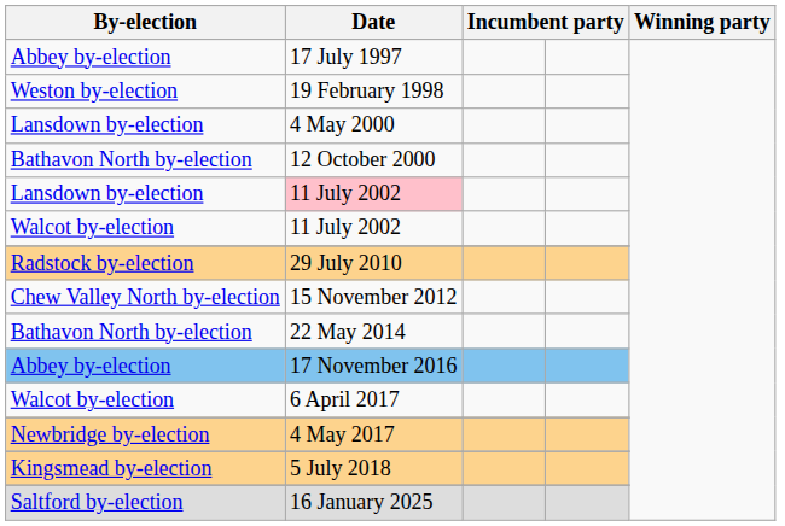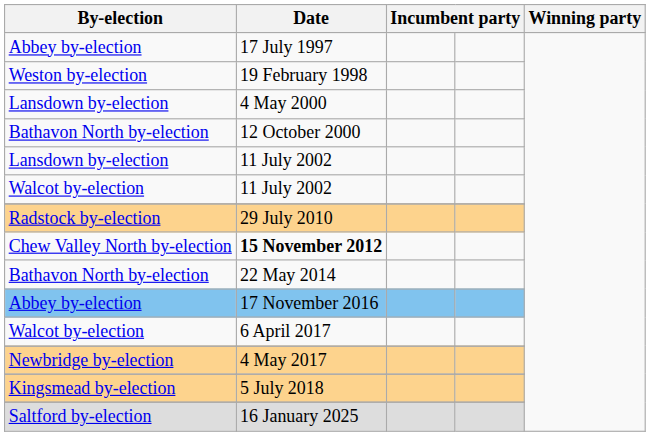 <table class="wikitable">
 <tr>
 <th>By-election</th>
 <th>Date</th>
 <th colspan=2>Incumbent party</th>
 <th colspan=2>Winning party</th>
 </tr>
 <tr>
 <td><a href='#'>Abbey by-election</a></td>
 <td>17 July 1997</td>
 <td></td>
 <td></td>
 </tr>
 <tr>
 <td><a href='#'>Weston by-election</a></td>
 <td>19 February 1998</td>
 <td></td>
 <td></td>
 </tr>
 <tr>
 <td><a href='#'>Lansdown by-election</a></td>
 <td>4 May 2000</td>
 <td></td>
 <td></td>
 </tr>
 <tr>
 <td><a href='#'>Bathavon North by-election</a></td>
 <td>12 October 2000</td>
 <td></td>
 <td></td>
 </tr>
 <tr>
 <td><a href='#'>Lansdown by-election</a></td>
-<td style="background: pink;">11 July 2002</td>
+<td>11 July 2002</td>
 <td></td>
 <td></td>
 </tr>
 <tr>
 <td><a href='#'>Walcot by-election</a></td>
 <td>11 July 2002</td>
 <td></td>
 <td></td>
 </tr>
 <tr>
 </tr>
 <tr bgcolor=#FDD38D>
 <td><a href='#'>Radstock by-election</a></td>
 <td>29 July 2010</td>
 <td></td>
 <td></td>
 </tr>
 <tr>
 <td><a href='#'>Chew Valley North by-election</a></td>
-<td>15 November 2012</td>
+<td><strong>15 November 2012</strong></td>
 <td></td>
 <td></td>
 </tr>
 <tr>
 <td><a href='#'>Bathavon North by-election</a></td>
 <td>22 May 2014</td>
 <td></td>
 <td></td>
 </tr>
 <tr bgcolor=#80C3EE>
 <td><a href='#'>Abbey by-election</a></td>
 <td>17 November 2016</td>
 <td></td>
 <td></td>
 </tr>
 <tr>
 <td><a href='#'>Walcot by-election</a></td>
 <td>6 April 2017</td>
 <td></td>
 <td></td>
 </tr>
 <tr>
 </tr>
 <tr bgcolor=#FDD38D>
 <td><a href='#'>Newbridge by-election</a></td>
 <td>4 May 2017</td>
 <td></td>
 <td></td>
 </tr>
 <tr>
 </tr>
 <tr bgcolor=#FDD38D>
 <td><a href='#'>Kingsmead by-election</a></td>
 <td>5 July 2018</td>
 <td></td>
 <td></td>
 </tr>
 <tr>
 </tr>
 <tr bgcolor=#DDDDDD>
 <td><a href='#'>Saltford by-election</a></td>
 <td>16 January 2025</td>
 <td></td>
 <td></td>
 </tr>
 </table>
